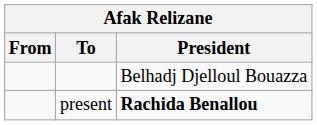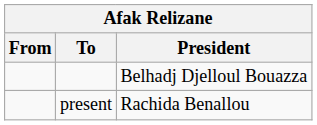 <table class="wikitable" border="6">
 <tr>
 <th colspan=5>Afak Relizane</th>
 </tr>
 <tr>
 <th>From</th>
 <th>To</th>
 <th>President</th>
 </tr>
 <tr>
 <td align=center></td>
 <td align=center></td>
 <td> Belhadj Djelloul Bouazza</td>
 </tr>
 <tr>
 <td align=center></td>
 <td align=center>present</td>
-<td><strong> Rachida Benallou</strong></td>
+<td> Rachida Benallou</td>
 </tr>
 </table>
